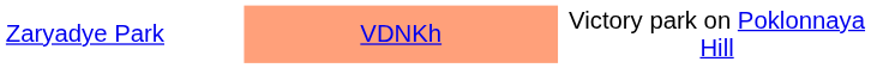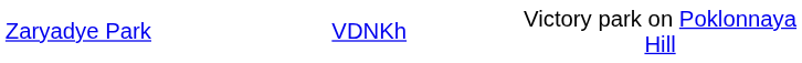 <table class="graytable" style="text-align:center">
 <tr>
 <td style="width:33%;"></td>
 <td style="width:33%;"></td>
 <td style="width:33%;"></td>
 </tr>
 <tr>
 <td><a href='#'>Zaryadye Park</a></td>
-<td style="background: lightsalmon;"><a href='#'>VDNKh</a></td>
+<td><a href='#'>VDNKh</a></td>
 <td>Victory park on <a href='#'>Poklonnaya Hill</a></td>
 </tr>
 </table>
